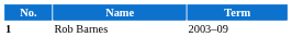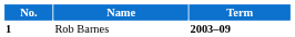 <table class="toccolours" style="width:25em">
 <tr>
 <th style="background:#0D72CE;color:white;border:#0D72CE 1px solid">No.</th>
 <th style="background:#0D72CE;color:white;border:#0D72CE 1px solid">Name</th>
 <th style="background:#0D72CE;color:white;border:#0D72CE 1px solid">Term</th>
 </tr>
 <tr>
 <td><strong>1</strong></td>
 <td> Rob Barnes</td>
-<td>2003–09</td>
+<td><strong>2003–09</strong></td>
 </tr>
 <tr>
 </tr>
 </table>
